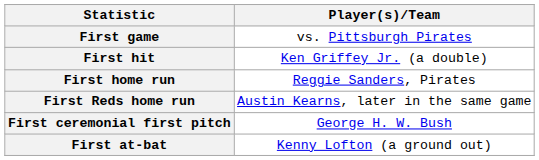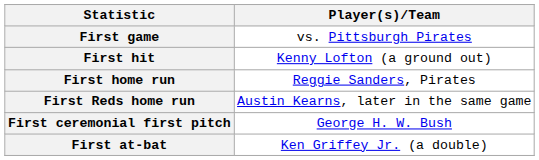 <table class="wikitable" align=center style="margin-left:15px; text-align:center; background:#ffffff;">
 <tr>
 <th>Statistic</th>
 <th>Player(s)/Team</th>
 </tr>
 <tr>
 <th>First game</th>
 <td>vs. <a href='#'>Pittsburgh Pirates</a></td>
 </tr>
 <tr>
 <th>First hit</th>
-<td><a href='#'>Ken Griffey Jr.</a> (a double)</td>
+<td><a href='#'>Kenny Lofton</a> (a ground out)</td>
 </tr>
 <tr>
 <th>First home run</th>
 <td><a href='#'>Reggie Sanders</a>, Pirates</td>
 </tr>
 <tr>
 <th>First Reds home run</th>
 <td><a href='#'>Austin Kearns</a>, later in the same game</td>
 </tr>
 <tr>
 <th>First ceremonial first pitch</th>
 <td><a href='#'>George H. W. Bush</a></td>
 </tr>
 <tr>
 <th>First at-bat</th>
-<td><a href='#'>Kenny Lofton</a> (a ground out)</td>
+<td><a href='#'>Ken Griffey Jr.</a> (a double)</td>
 </tr>
 </table>
